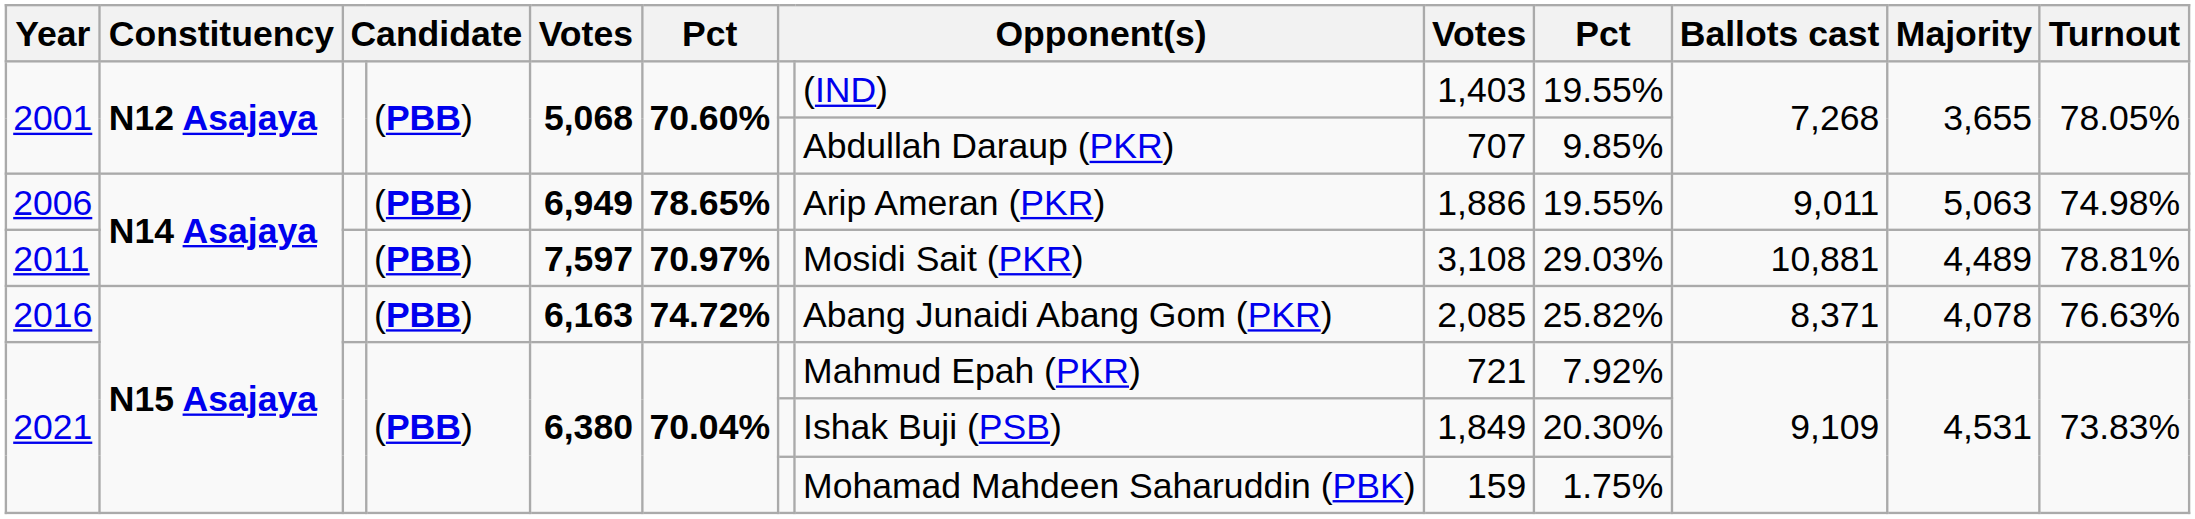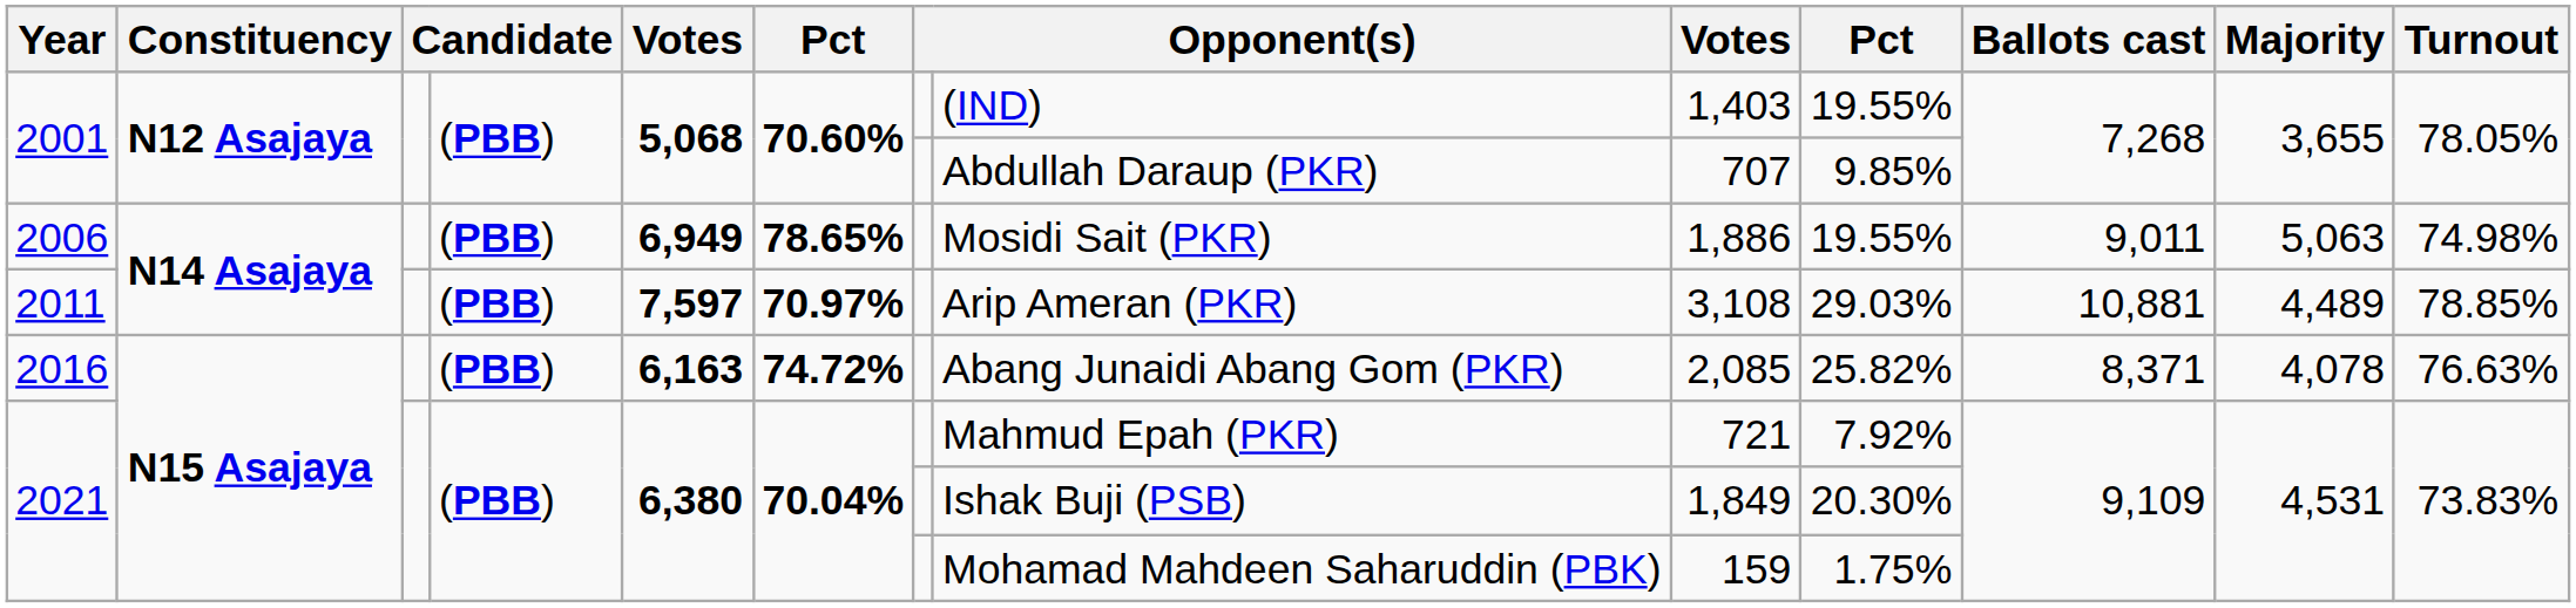 <table class="wikitable" style="margin:0.5em ; font-size:95%">
 <tr>
 <th>Year</th>
 <th>Constituency</th>
 <th colspan=2>Candidate</th>
 <th>Votes</th>
 <th>Pct</th>
 <th colspan=2>Opponent(s)</th>
 <th>Votes</th>
 <th>Pct</th>
 <th>Ballots cast</th>
 <th>Majority</th>
 <th>Turnout</th>
 </tr>
 <tr>
 <td rowspan="2"><a href='#'>2001</a></td>
 <td rowspan="2"><strong>N12 <a href='#'>Asajaya</a></strong></td>
 <td rowspan="2" ></td>
 <td rowspan="2"> (<strong><a href='#'>PBB</a></strong>)</td>
 <td rowspan="2" style="text-align:right;"><strong>5,068</strong></td>
 <td rowspan="2" style="text-align:right;"><strong>70.60%</strong></td>
 <td></td>
 <td> (<a href='#'>IND</a>)</td>
 <td style="text-align:right;">1,403</td>
 <td style="text-align:right;">19.55%</td>
 <td rowspan="2" style="text-align:right;">7,268</td>
 <td rowspan="2" style="text-align:right;">3,655</td>
 <td rowspan="2" style="text-align:right;">78.05%</td>
 </tr>
 <tr>
 <td></td>
 <td>Abdullah Daraup (<a href='#'>PKR</a>)</td>
 <td style="text-align:right;">707</td>
 <td style="text-align:right;">9.85%</td>
 </tr>
 <tr>
 <td><a href='#'>2006</a></td>
 <td rowspan=2><strong>N14 <a href='#'>Asajaya</a></strong></td>
 <td></td>
 <td> (<strong><a href='#'>PBB</a></strong>)</td>
 <td style="text-align:right;"><strong>6,949</strong></td>
 <td style="text-align:right;"><strong>78.65%</strong></td>
 <td></td>
-<td>Arip Ameran (<a href='#'>PKR</a>)</td>
+<td>Mosidi Sait (<a href='#'>PKR</a>)</td>
 <td style="text-align:right;">1,886</td>
 <td style="text-align:right;">19.55%</td>
 <td style="text-align:right;">9,011</td>
 <td style="text-align:right;">5,063</td>
 <td style="text-align:right;">74.98%</td>
 </tr>
 <tr>
 <td><a href='#'>2011</a></td>
 <td></td>
 <td> (<strong><a href='#'>PBB</a></strong>)</td>
 <td style="text-align:right;"><strong>7,597</strong></td>
 <td style="text-align:right;"><strong>70.97%</strong></td>
 <td></td>
-<td>Mosidi Sait (<a href='#'>PKR</a>)</td>
+<td>Arip Ameran (<a href='#'>PKR</a>)</td>
 <td style="text-align:right;">3,108</td>
 <td style="text-align:right;">29.03%</td>
 <td style="text-align:right;">10,881</td>
 <td style="text-align:right;">4,489</td>
-<td style="text-align:right;">78.81%</td>
+<td style="text-align:right;">78.85%</td>
 </tr>
 <tr>
 <td><a href='#'>2016</a></td>
 <td rowspan=4><strong>N15 <a href='#'>Asajaya</a></strong></td>
 <td></td>
 <td> (<strong><a href='#'>PBB</a></strong>)</td>
 <td style="text-align:right;"><strong>6,163</strong></td>
 <td style="text-align:right;"><strong>74.72%</strong></td>
 <td></td>
 <td>Abang Junaidi Abang Gom (<a href='#'>PKR</a>)</td>
 <td style="text-align:right;">2,085</td>
 <td style="text-align:right;">25.82%</td>
 <td style="text-align:right;">8,371</td>
 <td style="text-align:right;">4,078</td>
 <td style="text-align:right;">76.63%</td>
 </tr>
 <tr>
 <td rowspan="3"><a href='#'>2021</a></td>
 <td rowspan="3" ></td>
 <td rowspan="3"> (<a href='#'><strong>PBB</strong></a>)</td>
 <td rowspan="3" style="text-align:right;"><strong>6,380</strong></td>
 <td rowspan="3" style="text-align:right;"><strong>70.04%</strong></td>
 <td></td>
 <td>Mahmud Epah (<a href='#'>PKR</a>)</td>
 <td style="text-align:right;">721</td>
 <td style="text-align:right;">7.92%</td>
 <td rowspan="3" style="text-align:right;">9,109</td>
 <td rowspan="3" style="text-align:right;">4,531</td>
 <td rowspan="3" style="text-align:right;">73.83%</td>
 </tr>
 <tr>
 <td></td>
 <td>Ishak Buji (<a href='#'>PSB</a>)</td>
 <td style="text-align:right;">1,849</td>
 <td style="text-align:right;">20.30%</td>
 </tr>
 <tr>
 <td></td>
 <td>Mohamad Mahdeen Saharuddin (<a href='#'>PBK</a>)</td>
 <td style="text-align:right;">159</td>
 <td style="text-align:right;">1.75%</td>
 </tr>
 </table>
